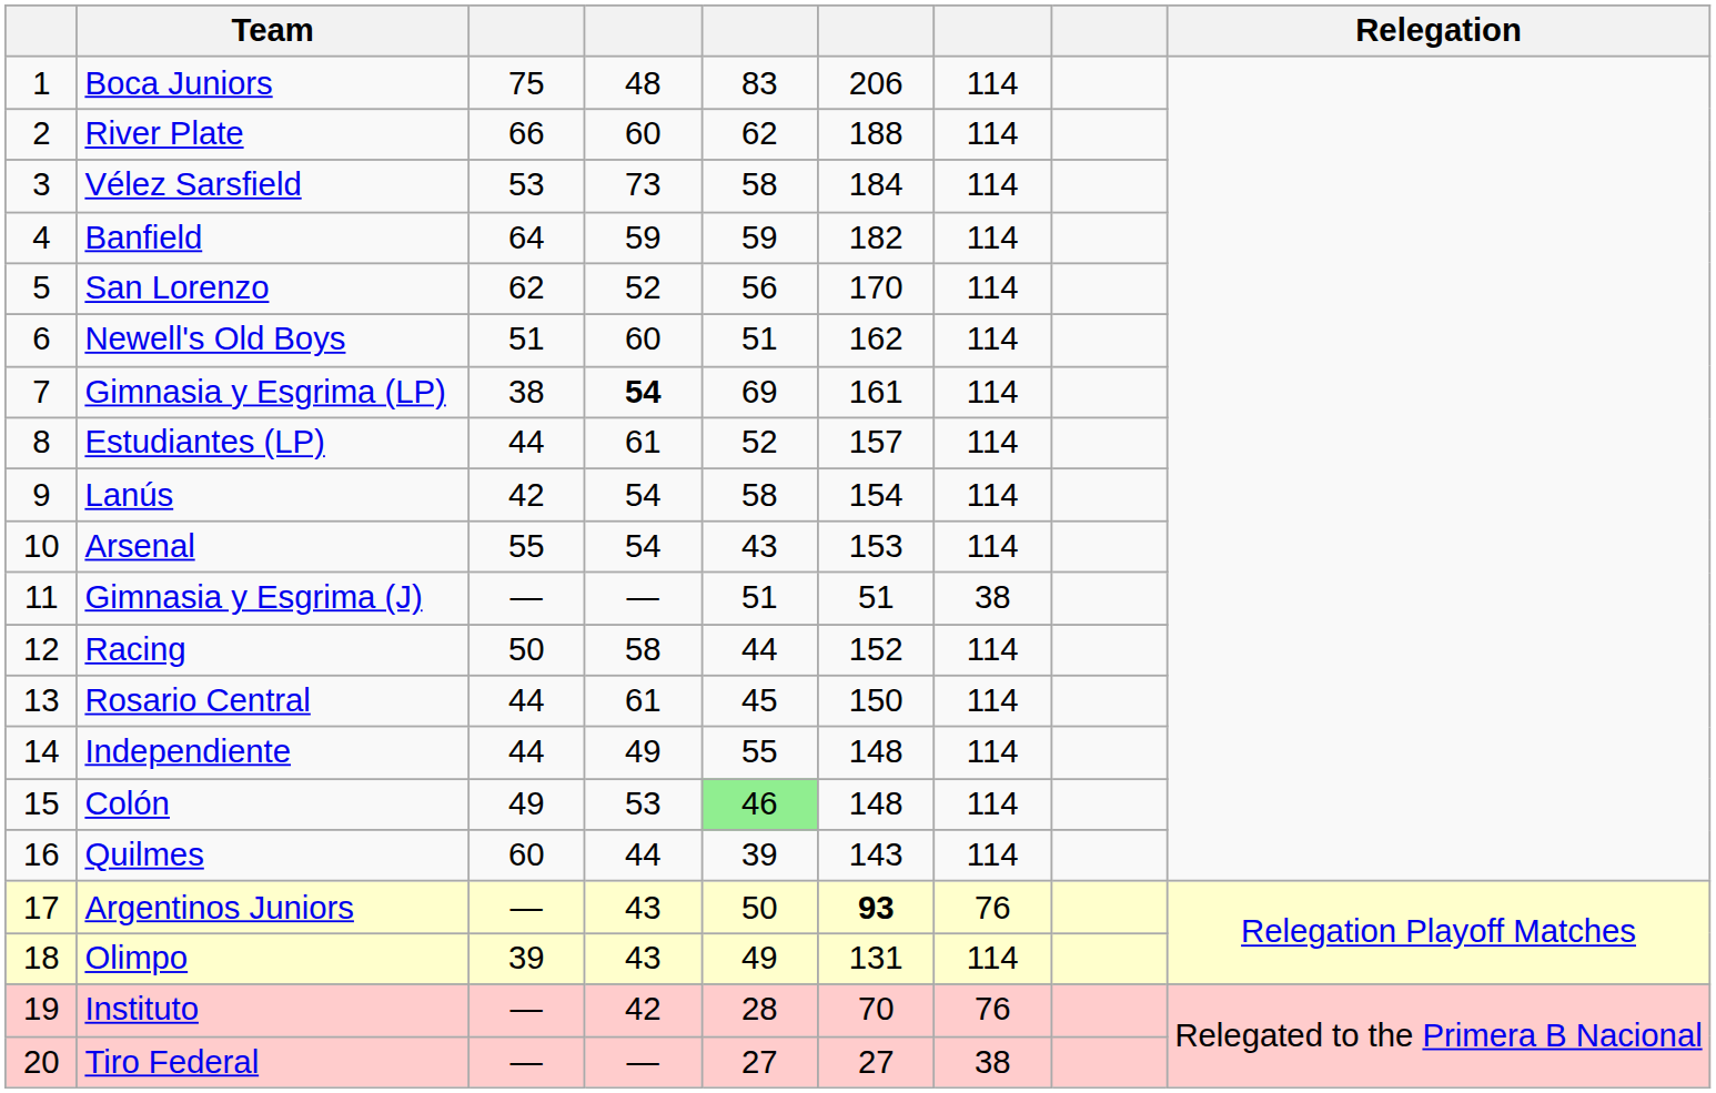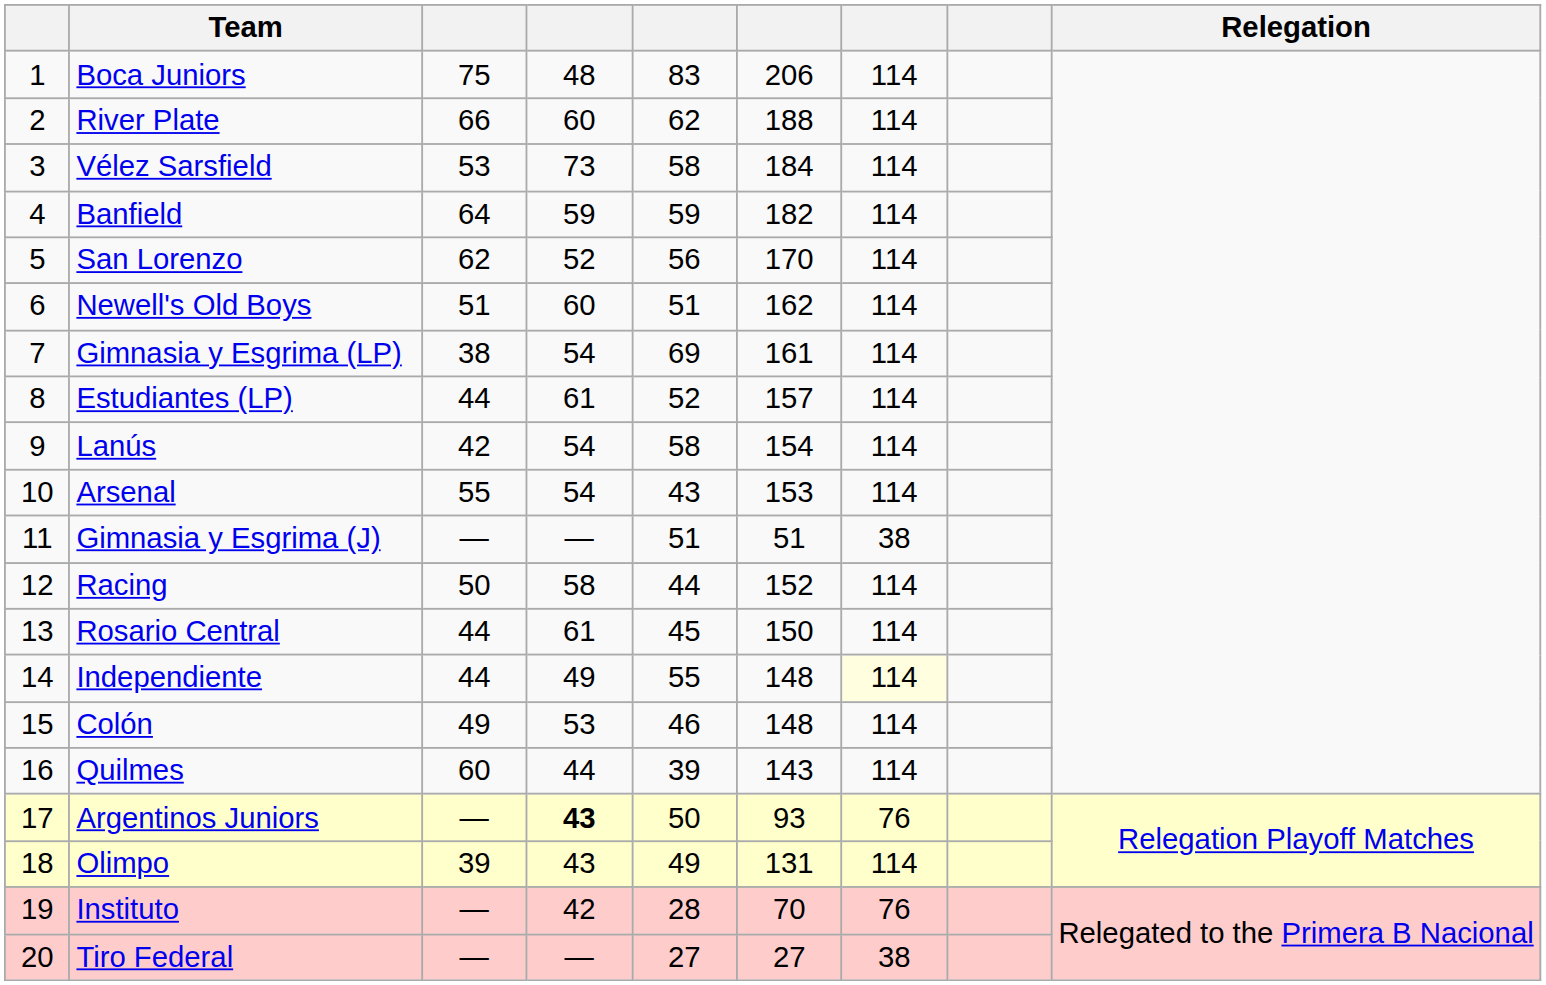 <table class="wikitable" style="text-align: center;">
 <tr>
 <th width=28><br></th>
 <th width=185>Team</th>
 <th width=50></th>
 <th width=50></th>
 <th width=50></th>
 <th width=50></th>
 <th width=50></th>
 <th width=50><br></th>
 <th>Relegation</th>
 </tr>
 <tr>
 <td>1</td>
 <td align="left"><a href='#'>Boca Juniors</a></td>
 <td>75</td>
 <td>48</td>
 <td>83</td>
 <td>206</td>
 <td>114</td>
 <td><strong></strong></td>
 </tr>
 <tr>
 <td>2</td>
 <td align="left"><a href='#'>River Plate</a></td>
 <td>66</td>
 <td>60</td>
 <td>62</td>
 <td>188</td>
 <td>114</td>
 <td><strong></strong></td>
 </tr>
 <tr>
 <td>3</td>
 <td align="left"><a href='#'>Vélez Sarsfield</a></td>
 <td>53</td>
 <td>73</td>
 <td>58</td>
 <td>184</td>
 <td>114</td>
 <td><strong></strong></td>
 </tr>
 <tr>
 <td>4</td>
 <td align="left"><a href='#'>Banfield</a></td>
 <td>64</td>
 <td>59</td>
 <td>59</td>
 <td>182</td>
 <td>114</td>
 <td><strong></strong></td>
 </tr>
 <tr>
 <td>5</td>
 <td align="left"><a href='#'>San Lorenzo</a></td>
 <td>62</td>
 <td>52</td>
 <td>56</td>
 <td>170</td>
 <td>114</td>
 <td><strong></strong></td>
 </tr>
 <tr>
 <td>6</td>
 <td align="left"><a href='#'>Newell's Old Boys</a></td>
 <td>51</td>
 <td>60</td>
 <td>51</td>
 <td>162</td>
 <td>114</td>
 <td><strong></strong></td>
 </tr>
 <tr>
 <td>7</td>
 <td align="left"><a href='#'>Gimnasia y Esgrima (LP)</a></td>
 <td>38</td>
-<td><strong>54</strong></td>
+<td>54</td>
 <td>69</td>
 <td>161</td>
 <td>114</td>
 <td><strong></strong></td>
 </tr>
 <tr>
 <td>8</td>
 <td align="left"><a href='#'>Estudiantes (LP)</a></td>
 <td>44</td>
 <td>61</td>
 <td>52</td>
 <td>157</td>
 <td>114</td>
 <td><strong></strong></td>
 </tr>
 <tr>
 <td>9</td>
 <td align="left"><a href='#'>Lanús</a></td>
 <td>42</td>
 <td>54</td>
 <td>58</td>
 <td>154</td>
 <td>114</td>
 <td><strong></strong></td>
 </tr>
 <tr>
 <td>10</td>
 <td align="left"><a href='#'>Arsenal</a></td>
 <td>55</td>
 <td>54</td>
 <td>43</td>
 <td>153</td>
 <td>114</td>
 <td><strong></strong></td>
 </tr>
 <tr>
 <td>11</td>
 <td align="left"><a href='#'>Gimnasia y Esgrima (J)</a></td>
 <td>—</td>
 <td>—</td>
 <td>51</td>
 <td>51</td>
 <td>38</td>
 <td><strong></strong></td>
 </tr>
 <tr>
 <td>12</td>
 <td align="left"><a href='#'>Racing</a></td>
 <td>50</td>
 <td>58</td>
 <td>44</td>
 <td>152</td>
 <td>114</td>
 <td><strong></strong></td>
 </tr>
 <tr>
 <td>13</td>
 <td align="left"><a href='#'>Rosario Central</a></td>
 <td>44</td>
 <td>61</td>
 <td>45</td>
 <td>150</td>
 <td>114</td>
 <td><strong></strong></td>
 </tr>
 <tr>
 <td>14</td>
 <td align="left"><a href='#'>Independiente</a></td>
 <td>44</td>
 <td>49</td>
 <td>55</td>
 <td>148</td>
-<td>114</td>
+<td style="background: lightyellow;">114</td>
 <td><strong></strong></td>
 </tr>
 <tr>
 <td>15</td>
 <td align="left"><a href='#'>Colón</a></td>
 <td>49</td>
 <td>53</td>
-<td style="background: lightgreen;">46</td>
+<td>46</td>
 <td>148</td>
 <td>114</td>
 <td><strong></strong></td>
 </tr>
 <tr>
 <td>16</td>
 <td align="left"><a href='#'>Quilmes</a></td>
 <td>60</td>
 <td>44</td>
 <td>39</td>
 <td>143</td>
 <td>114</td>
 <td><strong></strong></td>
 </tr>
 <tr bgcolor=#ffffcc>
 <td>17</td>
 <td align="left"><a href='#'>Argentinos Juniors</a></td>
 <td>—</td>
-<td>43</td>
+<td><strong>43</strong></td>
 <td>50</td>
-<td><strong>93</strong></td>
+<td>93</td>
 <td>76</td>
 <td><strong></strong></td>
 <td rowspan=2><a href='#'>Relegation Playoff Matches</a></td>
 </tr>
 <tr bgcolor=#ffffcc>
 <td>18</td>
 <td align="left"><a href='#'>Olimpo</a></td>
 <td>39</td>
 <td>43</td>
 <td>49</td>
 <td>131</td>
 <td>114</td>
 <td><strong></strong></td>
 </tr>
 <tr bgcolor=#ffcccc>
 <td>19</td>
 <td align="left"><a href='#'>Instituto</a></td>
 <td>—</td>
 <td>42</td>
 <td>28</td>
 <td>70</td>
 <td>76</td>
 <td><strong></strong></td>
 <td rowspan=2>Relegated to the <a href='#'>Primera B Nacional</a></td>
 </tr>
 <tr bgcolor=#ffcccc>
 <td>20</td>
 <td align="left"><a href='#'>Tiro Federal</a></td>
 <td>—</td>
 <td>—</td>
 <td>27</td>
 <td>27</td>
 <td>38</td>
 <td><strong></strong></td>
 </tr>
 </table>
